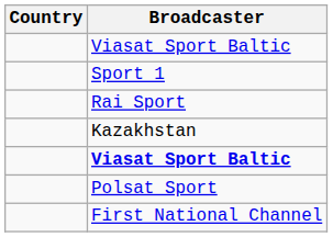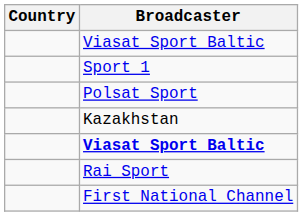 <table class="wikitable" style="font-size:95%;">
 <tr>
 <th>Country</th>
 <th>Broadcaster</th>
 </tr>
 <tr>
 <td></td>
 <td><a href='#'>Viasat Sport Baltic</a></td>
 </tr>
 <tr>
 <td></td>
 <td><a href='#'>Sport 1</a></td>
 </tr>
 <tr>
 <td></td>
-<td><a href='#'>Rai Sport</a></td>
+<td><a href='#'>Polsat Sport</a></td>
 </tr>
 <tr>
 <td></td>
 <td>Kazakhstan</td>
 </tr>
 <tr>
 <td></td>
 <td><strong><a href='#'>Viasat Sport Baltic</a></strong></td>
 </tr>
 <tr>
 <td></td>
-<td><a href='#'>Polsat Sport</a></td>
+<td><a href='#'>Rai Sport</a></td>
 </tr>
 <tr>
 <td></td>
 <td><a href='#'>First National Channel</a></td>
 </tr>
 </table>
